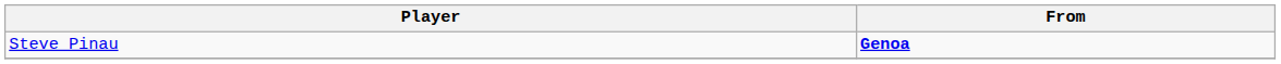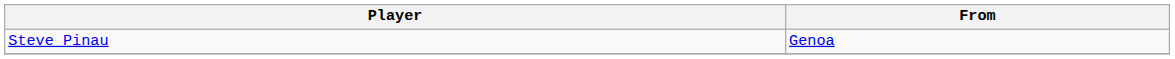 <table class="wikitable" style="text-align:center; font-size:95%;width:75%; text-align:left">
 <tr>
 <th><strong>Player</strong></th>
 <th><strong>From</strong></th>
 </tr>
 <tr>
 <td> <a href='#'>Steve Pinau</a></td>
-<td><strong><a href='#'>Genoa</a></strong></td>
+<td><a href='#'>Genoa</a></td>
 </tr>
 <tr>
 </tr>
 </table>
